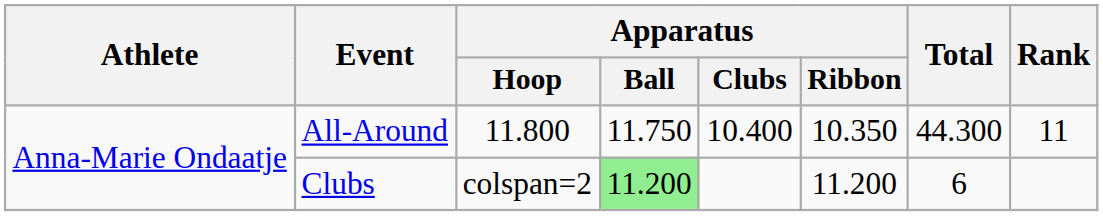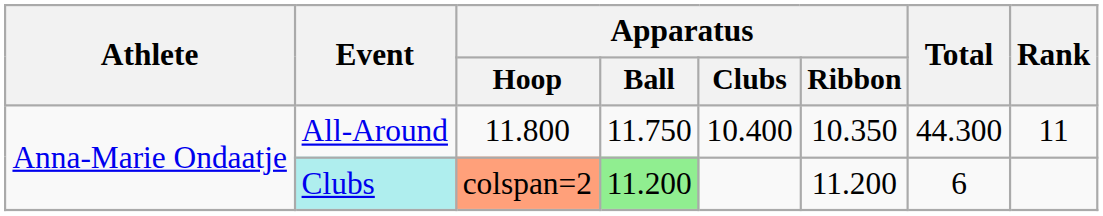 <table class=wikitable style="font-size:90%">
 <tr>
 <th rowspan=2>Athlete</th>
 <th rowspan=2>Event</th>
 <th colspan=4>Apparatus</th>
 <th rowspan=2>Total</th>
 <th rowspan=2>Rank</th>
 </tr>
 <tr style="font-size:95%;">
 <th>Hoop</th>
 <th>Ball</th>
 <th>Clubs</th>
 <th>Ribbon</th>
 </tr>
 <tr align=center>
 <td align=left rowspan=2><a href='#'>Anna-Marie Ondaatje</a></td>
 <td align=left><a href='#'>All-Around</a></td>
 <td>11.800</td>
 <td>11.750</td>
 <td>10.400</td>
 <td>10.350</td>
 <td>44.300</td>
 <td>11</td>
 </tr>
 <tr align=center>
-<td align=left><a href='#'>Clubs</a></td>
-<td>colspan=2 </td>
+<td align=left style="background: paleturquoise;"><a href='#'>Clubs</a></td>
+<td style="background: lightsalmon;">colspan=2 </td>
 <td style="background: lightgreen;">11.200</td>
 <td></td>
 <td>11.200</td>
 <td>6</td>
 </tr>
 </table>
